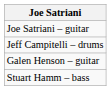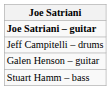 <table class="wikitable">
 <tr>
 <th>Joe Satriani</th>
 </tr>
 <tr>
-<td>Joe Satriani – guitar</td>
+<td><strong>Joe Satriani – guitar</strong></td>
 </tr>
 <tr>
 <td>Jeff Campitelli – drums</td>
 </tr>
 <tr>
 <td>Galen Henson – guitar</td>
 </tr>
 <tr>
 <td>Stuart Hamm – bass</td>
 </tr>
 </table>
